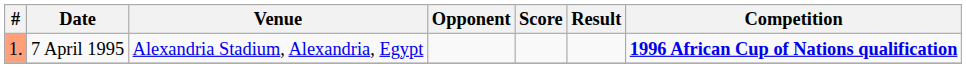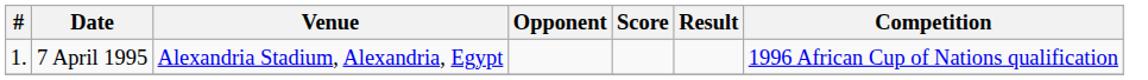 <table class="wikitable collapsible">
 <tr>
 <th>#</th>
 <th>Date</th>
 <th>Venue</th>
 <th>Opponent</th>
 <th>Score</th>
 <th>Result</th>
 <th>Competition</th>
 </tr>
 <tr>
-<td style="background: lightsalmon;">1.</td>
+<td>1.</td>
 <td>7 April 1995</td>
 <td><a href='#'>Alexandria Stadium</a>, <a href='#'>Alexandria</a>, <a href='#'>Egypt</a></td>
 <td></td>
 <td></td>
 <td></td>
-<td><strong><a href='#'>1996 African Cup of Nations qualification</a></strong></td>
+<td><a href='#'>1996 African Cup of Nations qualification</a></td>
 </tr>
 <tr>
 </tr>
 </table>
